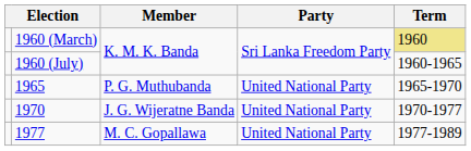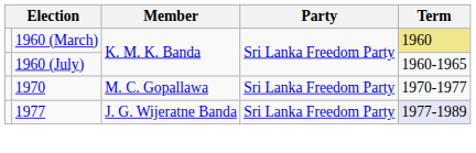 <table class="wikitable">
 <tr>
 <th colspan="2">Election</th>
 <th>Member</th>
 <th>Party</th>
 <th>Term</th>
 </tr>
 <tr>
 <td style="background-color: "></td>
 <td><a href='#'>1960 (March)</a></td>
 <td rowspan=2><a href='#'>K. M. K. Banda</a></td>
 <td rowspan=2><a href='#'>Sri Lanka Freedom Party</a></td>
 <td style="background: khaki;">1960</td>
 </tr>
 <tr>
 <td style="background-color: "></td>
 <td><a href='#'>1960 (July)</a></td>
 <td>1960-1965</td>
 </tr>
 <tr>
 <td style="background-color: "></td>
-<td><a href='#'>1965</a></td>
-<td><a href='#'>P. G. Muthubanda</a></td>
-<td><a href='#'>United National Party</a></td>
-<td>1965-1970</td>
-</tr>
-<tr>
-<td style="background-color: "></td>
 <td><a href='#'>1970</a></td>
-<td><a href='#'>J. G. Wijeratne Banda</a></td>
-<td><a href='#'>United National Party</a></td>
+<td><a href='#'>M. C. Gopallawa</a></td>
+<td><a href='#'>Sri Lanka Freedom Party</a></td>
 <td>1970-1977</td>
 </tr>
 <tr>
 <td style="background-color: "></td>
 <td><a href='#'>1977</a></td>
-<td><a href='#'>M. C. Gopallawa</a></td>
-<td><a href='#'>United National Party</a></td>
-<td>1977-1989</td>
+<td><a href='#'>J. G. Wijeratne Banda</a></td>
+<td><a href='#'>Sri Lanka Freedom Party</a></td>
+<td style="background: lavender;">1977-1989</td>
 </tr>
 </table>
